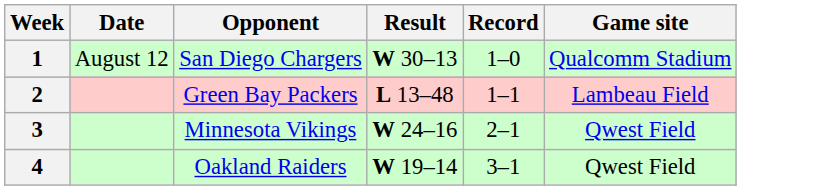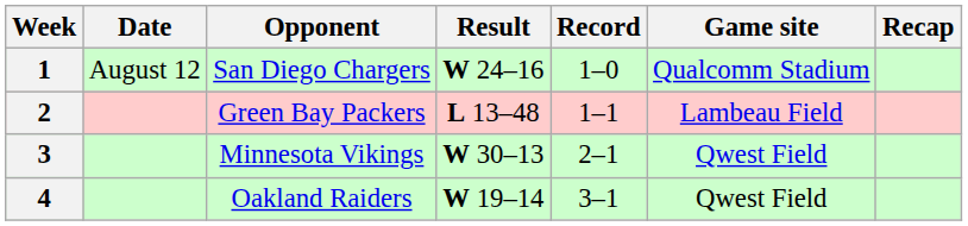 <table class="wikitable" style="text-align:center">
 <tr>
 <th>Week</th>
 <th>Date</th>
 <th>Opponent</th>
 <th>Result</th>
 <th>Record</th>
 <th>Game site</th>
+<th>Recap</th>
 </tr>
 <tr style="background:#cfc">
 <th>1</th>
 <td>August 12</td>
 <td><a href='#'>San Diego Chargers</a></td>
-<td><strong>W</strong> 30–13</td>
+<td><strong>W</strong> 24–16</td>
 <td>1–0</td>
 <td><a href='#'>Qualcomm Stadium</a></td>
+<td></td>
 </tr>
 <tr style="background:#fcc">
 <th>2</th>
 <td></td>
 <td><a href='#'>Green Bay Packers</a></td>
 <td><strong>L</strong> 13–48</td>
 <td>1–1</td>
 <td><a href='#'>Lambeau Field</a></td>
+<td></td>
 </tr>
 <tr style="background:#cfc">
 <th>3</th>
 <td></td>
 <td><a href='#'>Minnesota Vikings</a></td>
-<td><strong>W</strong> 24–16</td>
+<td><strong>W</strong> 30–13</td>
 <td>2–1</td>
 <td><a href='#'>Qwest Field</a></td>
+<td></td>
 </tr>
 <tr style="background:#cfc">
 <th>4</th>
 <td></td>
 <td><a href='#'>Oakland Raiders</a></td>
 <td><strong>W</strong> 19–14</td>
 <td>3–1</td>
 <td>Qwest Field</td>
+<td></td>
 </tr>
 </table>
